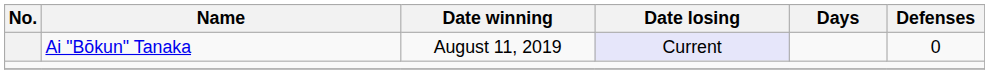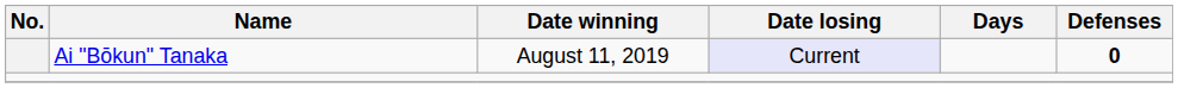 <table class="wikitable" width=100%>
 <tr>
 <th style="width:1%;">No.</th>
 <th style="width:37%;">Name</th>
 <th style="width:20%;">Date winning</th>
 <th style="width:20%;">Date losing</th>
 <th data-sort-type="number" style="width:10%;">Days</th>
 <th data-sort-type="number" style="width:10%;">Defenses</th>
 </tr>
 <tr align=center>
 <th></th>
 <td align=left> <a href='#'>Ai "Bōkun" Tanaka</a></td>
 <td>August 11, 2019</td>
 <td style="background: lavender;">Current</td>
 <td></td>
-<td>0</td>
+<td><strong>0</strong></td>
 </tr>
 <tr>
 <td colspan="6"></td>
 </tr>
 <tr>
 </tr>
 </table>
